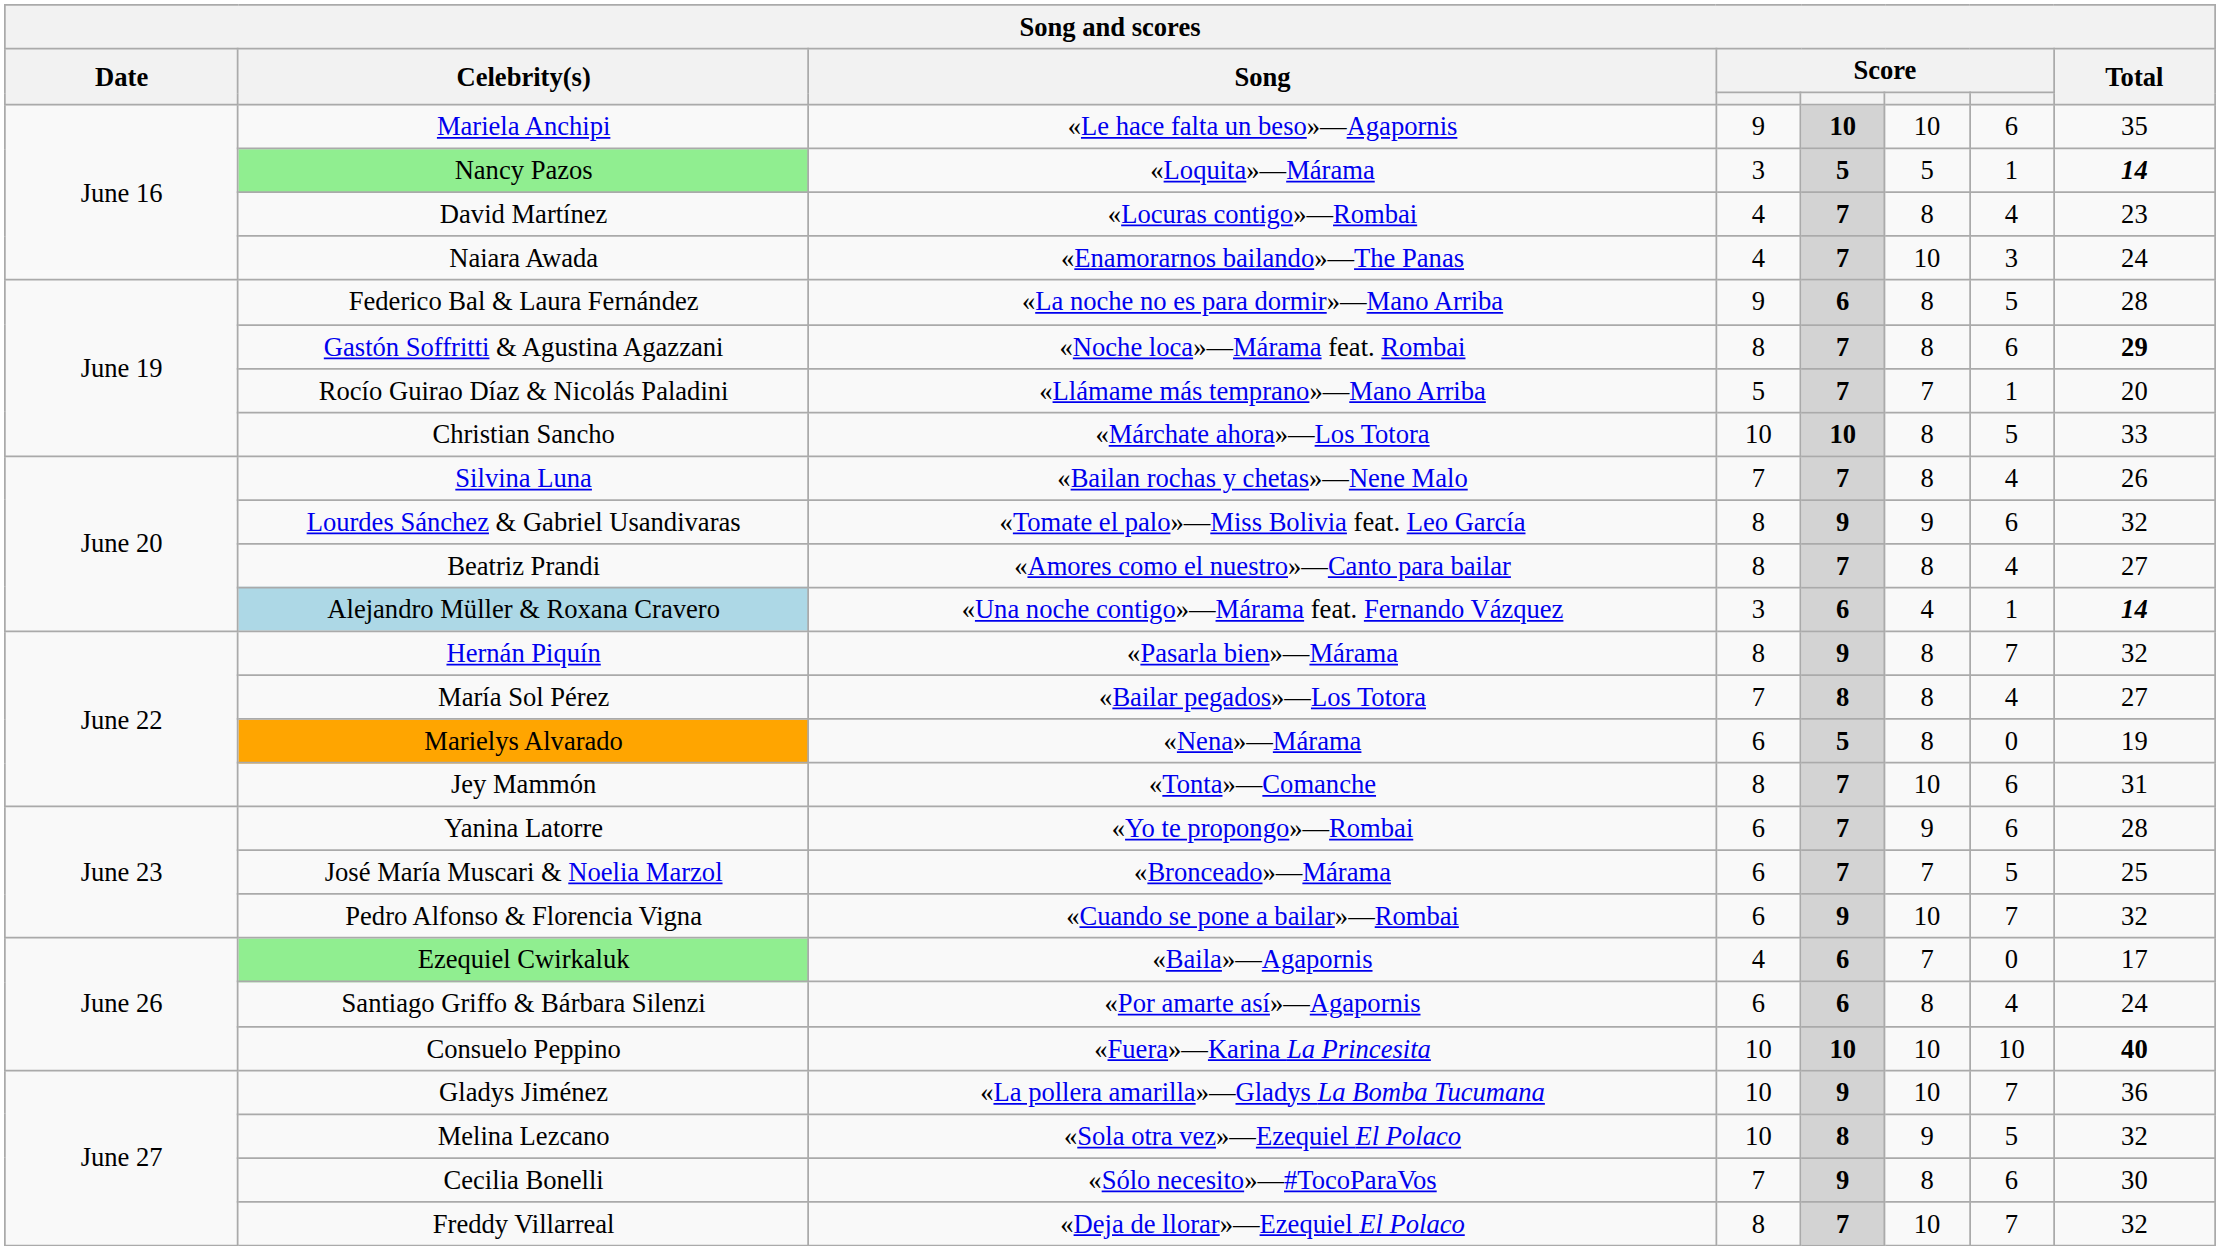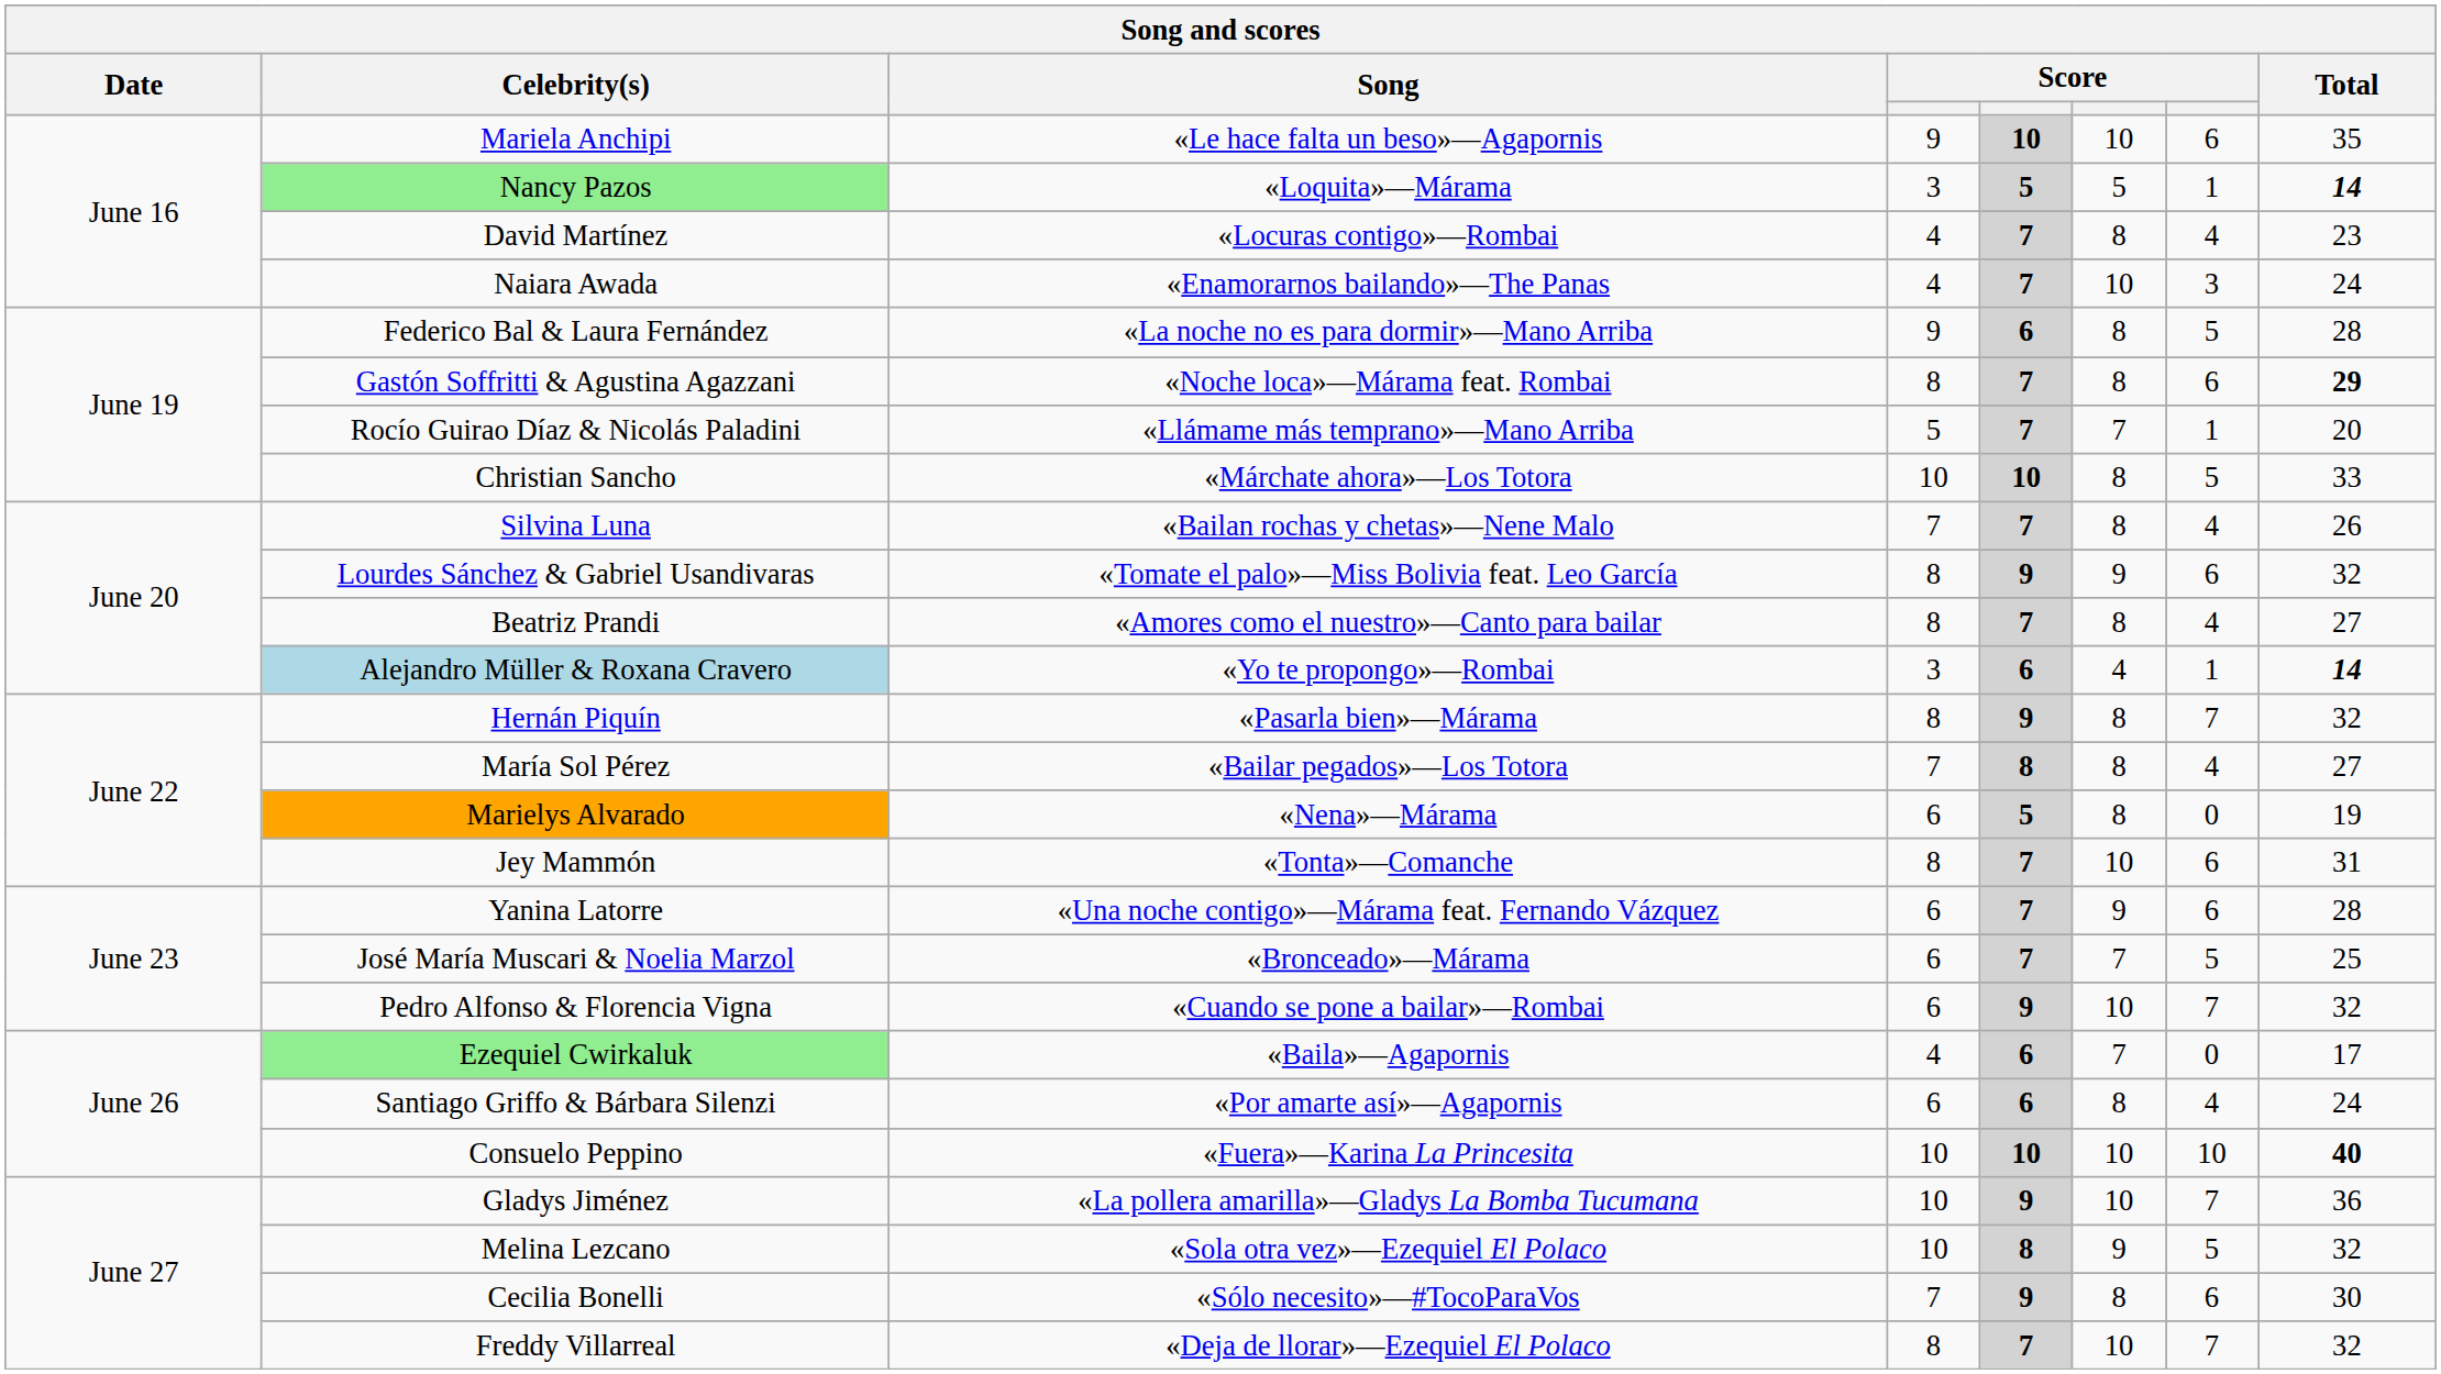 <table class="wikitable collapsible collapsed" style="font-size:95%; text-align: center; width: 100%;">
 <tr>
 <th colspan="11" style="with: 100%;" align=center>Song and scores</th>
 </tr>
 <tr>
 <th rowspan="2" width=90>Date</th>
 <th rowspan="2" width=230>Celebrity(s)</th>
 <th rowspan="2" width=370>Song</th>
 <th colspan="4">Score</th>
 <th rowspan="2" width=60>Total</th>
 </tr>
 <tr>
 <th width=28></th>
 <th width=28></th>
 <th width=28></th>
 <th width=28></th>
 </tr>
 <tr>
 <td rowspan="4">June 16</td>
 <td bgcolor=""><a href='#'>Mariela Anchipi</a></td>
 <td>«<a href='#'>Le hace falta un beso</a>»—<a href='#'>Agapornis</a></td>
 <td>9</td>
 <td bgcolor="lightgrey"><strong>10</strong></td>
 <td>10</td>
 <td>6</td>
 <td>35</td>
 </tr>
 <tr>
 <td bgcolor="lightgreen">Nancy Pazos</td>
 <td>«<a href='#'>Loquita</a>»—<a href='#'>Márama</a></td>
 <td>3</td>
 <td bgcolor="lightgrey"><strong>5</strong></td>
 <td>5</td>
 <td>1</td>
 <td><span><strong><em>14</em></strong></span></td>
 </tr>
 <tr>
 <td bgcolor="">David Martínez</td>
 <td>«<a href='#'>Locuras contigo</a>»—<a href='#'>Rombai</a></td>
 <td>4</td>
 <td bgcolor="lightgrey"><strong>7</strong></td>
 <td>8</td>
 <td>4</td>
 <td>23</td>
 </tr>
 <tr>
 <td bgcolor="">Naiara Awada</td>
 <td>«<a href='#'>Enamorarnos bailando</a>»—<a href='#'>The Panas</a></td>
 <td>4</td>
 <td bgcolor="lightgrey"><strong>7</strong></td>
 <td>10</td>
 <td>3</td>
 <td>24</td>
 </tr>
 <tr>
 <td rowspan="4">June 19</td>
 <td bgcolor="">Federico Bal & Laura Fernández</td>
 <td>«<a href='#'>La noche no es para dormir</a>»—<a href='#'>Mano Arriba</a></td>
 <td>9</td>
 <td bgcolor="lightgrey"><strong>6</strong></td>
 <td>8</td>
 <td>5</td>
 <td>28</td>
 </tr>
 <tr>
 <td bgcolor=""><a href='#'>Gastón Soffritti</a> & Agustina Agazzani</td>
 <td>«<a href='#'>Noche loca</a>»—<a href='#'>Márama</a> feat. <a href='#'>Rombai</a></td>
 <td>8</td>
 <td bgcolor="lightgrey"><strong>7</strong></td>
 <td>8</td>
 <td>6</td>
 <td><strong>29</strong></td>
 </tr>
 <tr>
 <td bgcolor="">Rocío Guirao Díaz & Nicolás Paladini</td>
 <td>«<a href='#'>Llámame más temprano</a>»—<a href='#'>Mano Arriba</a></td>
 <td>5</td>
 <td bgcolor="lightgrey"><strong>7</strong></td>
 <td>7</td>
 <td>1</td>
 <td>20</td>
 </tr>
 <tr>
 <td bgcolor="">Christian Sancho</td>
 <td>«<a href='#'>Márchate ahora</a>»—<a href='#'>Los Totora</a></td>
 <td>10</td>
 <td bgcolor="lightgrey"><strong>10</strong></td>
 <td>8</td>
 <td>5</td>
 <td>33</td>
 </tr>
 <tr>
 <td rowspan="4">June 20</td>
 <td bgcolor=""><a href='#'>Silvina Luna</a></td>
 <td>«<a href='#'>Bailan rochas y chetas</a>»—<a href='#'>Nene Malo</a></td>
 <td>7</td>
 <td bgcolor="lightgrey"><strong>7</strong></td>
 <td>8</td>
 <td>4</td>
 <td>26</td>
 </tr>
 <tr>
 <td bgcolor=""><a href='#'>Lourdes Sánchez</a> & Gabriel Usandivaras</td>
 <td>«<a href='#'>Tomate el palo</a>»—<a href='#'>Miss Bolivia</a> feat. <a href='#'>Leo García</a></td>
 <td>8</td>
 <td bgcolor="lightgrey"><strong>9</strong></td>
 <td>9</td>
 <td>6</td>
 <td>32</td>
 </tr>
 <tr>
 <td bgcolor="">Beatriz Prandi</td>
 <td>«<a href='#'>Amores como el nuestro</a>»—<a href='#'>Canto para bailar</a></td>
 <td>8</td>
 <td bgcolor="lightgrey"><strong>7</strong></td>
 <td>8</td>
 <td>4</td>
 <td>27</td>
 </tr>
 <tr>
 <td bgcolor="lightblue">Alejandro Müller & Roxana Cravero</td>
-<td>«<a href='#'>Una noche contigo</a>»—<a href='#'>Márama</a> feat. <a href='#'>Fernando Vázquez</a></td>
+<td>«<a href='#'>Yo te propongo</a>»—<a href='#'>Rombai</a></td>
 <td>3</td>
 <td bgcolor="lightgrey"><strong>6</strong></td>
 <td>4</td>
 <td>1</td>
 <td><span><strong><em>14</em></strong></span></td>
 </tr>
 <tr>
 <td rowspan="4">June 22</td>
 <td bgcolor=""><a href='#'>Hernán Piquín</a></td>
 <td>«<a href='#'>Pasarla bien</a>»—<a href='#'>Márama</a></td>
 <td>8</td>
 <td bgcolor="lightgrey"><strong>9</strong></td>
 <td>8</td>
 <td>7</td>
 <td>32</td>
 </tr>
 <tr>
 <td bgcolor="">María Sol Pérez</td>
 <td>«<a href='#'>Bailar pegados</a>»—<a href='#'>Los Totora</a></td>
 <td>7</td>
 <td bgcolor="lightgrey"><strong>8</strong></td>
 <td>8</td>
 <td>4</td>
 <td>27</td>
 </tr>
 <tr>
 <td bgcolor="orange">Marielys Alvarado</td>
 <td>«<a href='#'>Nena</a>»—<a href='#'>Márama</a></td>
 <td>6</td>
 <td bgcolor="lightgrey"><strong>5</strong></td>
 <td>8</td>
 <td>0</td>
 <td>19</td>
 </tr>
 <tr>
 <td bgcolor="">Jey Mammón</td>
 <td>«<a href='#'>Tonta</a>»—<a href='#'>Comanche</a></td>
 <td>8</td>
 <td bgcolor="lightgrey"><strong>7</strong></td>
 <td>10</td>
 <td>6</td>
 <td>31</td>
 </tr>
 <tr>
 <td rowspan="3">June 23</td>
 <td bgcolor="">Yanina Latorre</td>
-<td>«<a href='#'>Yo te propongo</a>»—<a href='#'>Rombai</a></td>
+<td>«<a href='#'>Una noche contigo</a>»—<a href='#'>Márama</a> feat. <a href='#'>Fernando Vázquez</a></td>
 <td>6</td>
 <td bgcolor="lightgrey"><strong>7</strong></td>
 <td>9</td>
 <td>6</td>
 <td>28</td>
 </tr>
 <tr>
 <td bgcolor="">José María Muscari & <a href='#'>Noelia Marzol</a></td>
 <td>«<a href='#'>Bronceado</a>»—<a href='#'>Márama</a></td>
 <td>6</td>
 <td bgcolor="lightgrey"><strong>7</strong></td>
 <td>7</td>
 <td>5</td>
 <td>25</td>
 </tr>
 <tr>
 <td bgcolor="">Pedro Alfonso & Florencia Vigna</td>
 <td>«<a href='#'>Cuando se pone a bailar</a>»—<a href='#'>Rombai</a></td>
 <td>6</td>
 <td bgcolor="lightgrey"><strong>9</strong></td>
 <td>10</td>
 <td>7</td>
 <td>32</td>
 </tr>
 <tr>
 <td rowspan="3">June 26</td>
 <td bgcolor="lightgreen">Ezequiel Cwirkaluk</td>
 <td>«<a href='#'>Baila</a>»—<a href='#'>Agapornis</a></td>
 <td>4</td>
 <td bgcolor="lightgrey"><strong>6</strong></td>
 <td>7</td>
 <td>0</td>
 <td>17</td>
 </tr>
 <tr>
 <td bgcolor="">Santiago Griffo & Bárbara Silenzi</td>
 <td>«<a href='#'>Por amarte así</a>»—<a href='#'>Agapornis</a></td>
 <td>6</td>
 <td bgcolor="lightgrey"><strong>6</strong></td>
 <td>8</td>
 <td>4</td>
 <td>24</td>
 </tr>
 <tr>
 <td bgcolor="">Consuelo Peppino</td>
 <td>«<a href='#'>Fuera</a>»—<a href='#'>Karina <em>La Princesita</em></a></td>
 <td>10</td>
 <td bgcolor="lightgrey"><strong>10</strong></td>
 <td>10</td>
 <td>10</td>
 <td><span><strong>40</strong></span></td>
 </tr>
 <tr>
 <td rowspan="4">June 27</td>
 <td bgcolor="">Gladys Jiménez</td>
 <td>«<a href='#'>La pollera amarilla</a>»—<a href='#'>Gladys <em>La Bomba Tucumana</em></a></td>
 <td>10</td>
 <td bgcolor="lightgrey"><strong>9</strong></td>
 <td>10</td>
 <td>7</td>
 <td>36</td>
 </tr>
 <tr>
 <td bgcolor="">Melina Lezcano</td>
 <td>«<a href='#'>Sola otra vez</a>»—<a href='#'>Ezequiel <em>El Polaco</em></a></td>
 <td>10</td>
 <td bgcolor="lightgrey"><strong>8</strong></td>
 <td>9</td>
 <td>5</td>
 <td>32</td>
 </tr>
 <tr>
 <td bgcolor="">Cecilia Bonelli</td>
 <td>«<a href='#'>Sólo necesito</a>»—<a href='#'>#TocoParaVos</a></td>
 <td>7</td>
 <td bgcolor="lightgrey"><strong>9</strong></td>
 <td>8</td>
 <td>6</td>
 <td>30</td>
 </tr>
 <tr>
 <td bgcolor="">Freddy Villarreal</td>
 <td>«<a href='#'>Deja de llorar</a>»—<a href='#'>Ezequiel <em>El Polaco</em></a></td>
 <td>8</td>
 <td bgcolor="lightgrey"><strong>7</strong></td>
 <td>10</td>
 <td>7</td>
 <td>32</td>
 </tr>
 </table>
